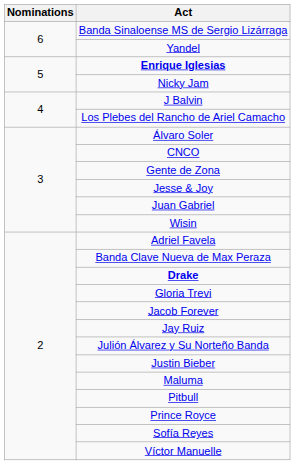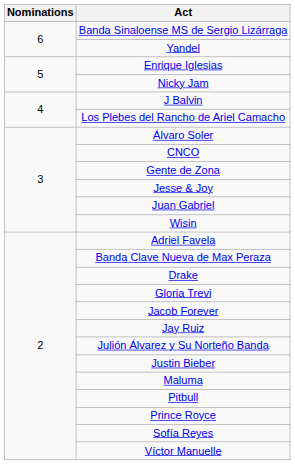 <table class="wikitable" rowspan="2" style="text-align:center;">
 <tr>
 <th scope="col">Nominations</th>
 <th scope="col">Act</th>
 </tr>
 <tr>
 <td rowspan="2">6</td>
 <td><a href='#'>Banda Sinaloense MS de Sergio Lizárraga</a></td>
 </tr>
 <tr>
 <td><a href='#'>Yandel</a></td>
 </tr>
 <tr>
 <td rowspan="2">5</td>
-<td><strong><a href='#'>Enrique Iglesias</a></strong></td>
+<td><a href='#'>Enrique Iglesias</a></td>
 </tr>
 <tr>
 <td><a href='#'>Nicky Jam</a></td>
 </tr>
 <tr>
 <td rowspan="2">4</td>
 <td><a href='#'>J Balvin</a></td>
 </tr>
 <tr>
 <td><a href='#'>Los Plebes del Rancho de Ariel Camacho</a></td>
 </tr>
 <tr>
 <td rowspan="6">3</td>
 <td><a href='#'>Álvaro Soler</a></td>
 </tr>
 <tr>
 <td><a href='#'>CNCO</a></td>
 </tr>
 <tr>
 <td><a href='#'>Gente de Zona</a></td>
 </tr>
 <tr>
 <td><a href='#'>Jesse & Joy</a></td>
 </tr>
 <tr>
 <td><a href='#'>Juan Gabriel</a></td>
 </tr>
 <tr>
 <td><a href='#'>Wisin</a></td>
 </tr>
 <tr>
 <td rowspan="13">2</td>
 <td><a href='#'>Adriel Favela</a></td>
 </tr>
 <tr>
 <td><a href='#'>Banda Clave Nueva de Max Peraza</a></td>
 </tr>
 <tr>
-<td><strong><a href='#'>Drake</a></strong></td>
+<td><a href='#'>Drake</a></td>
 </tr>
 <tr>
 <td><a href='#'>Gloria Trevi</a></td>
 </tr>
 <tr>
 <td><a href='#'>Jacob Forever</a></td>
 </tr>
 <tr>
 <td><a href='#'>Jay Ruiz</a></td>
 </tr>
 <tr>
 <td><a href='#'>Julión Álvarez y Su Norteño Banda</a></td>
 </tr>
 <tr>
 <td><a href='#'>Justin Bieber</a></td>
 </tr>
 <tr>
 <td><a href='#'>Maluma</a></td>
 </tr>
 <tr>
 <td><a href='#'>Pitbull</a></td>
 </tr>
 <tr>
 <td><a href='#'>Prince Royce</a></td>
 </tr>
 <tr>
 <td><a href='#'>Sofía Reyes</a></td>
 </tr>
 <tr>
 <td><a href='#'>Víctor Manuelle</a></td>
 </tr>
 </table>
